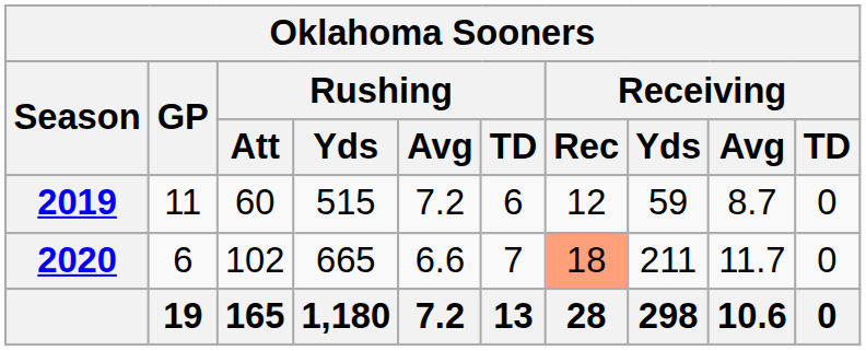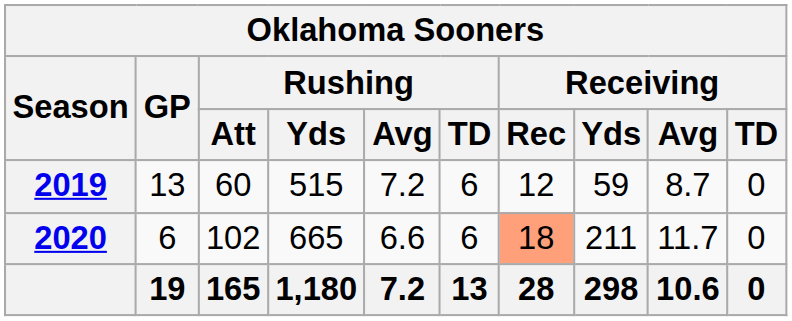 <table class="wikitable" style="text-align: center;">
 <tr>
 <th colspan="15">Oklahoma Sooners</th>
 </tr>
 <tr>
 <th rowspan="2">Season</th>
 <th rowspan="2">GP</th>
 <th colspan="4">Rushing</th>
 <th colspan="4">Receiving</th>
 </tr>
 <tr>
 <th>Att</th>
 <th>Yds</th>
 <th>Avg</th>
 <th>TD</th>
 <th>Rec</th>
 <th>Yds</th>
 <th>Avg</th>
 <th>TD</th>
 </tr>
 <tr>
 <th><a href='#'>2019</a></th>
-<td>11</td>
+<td>13</td>
 <td>60</td>
 <td>515</td>
 <td>7.2</td>
 <td>6</td>
 <td>12</td>
 <td>59</td>
 <td>8.7</td>
 <td>0</td>
 </tr>
 <tr>
 <th><a href='#'>2020</a></th>
 <td>6</td>
 <td>102</td>
 <td>665</td>
 <td>6.6</td>
-<td>7</td>
+<td>6</td>
 <td style="background: lightsalmon;">18</td>
 <td>211</td>
 <td>11.7</td>
 <td>0</td>
 </tr>
 <tr>
 <th></th>
 <th>19</th>
 <th>165</th>
 <th>1,180</th>
 <th>7.2</th>
 <th>13</th>
 <th>28</th>
 <th>298</th>
 <th>10.6</th>
 <th>0</th>
 </tr>
 </table>
